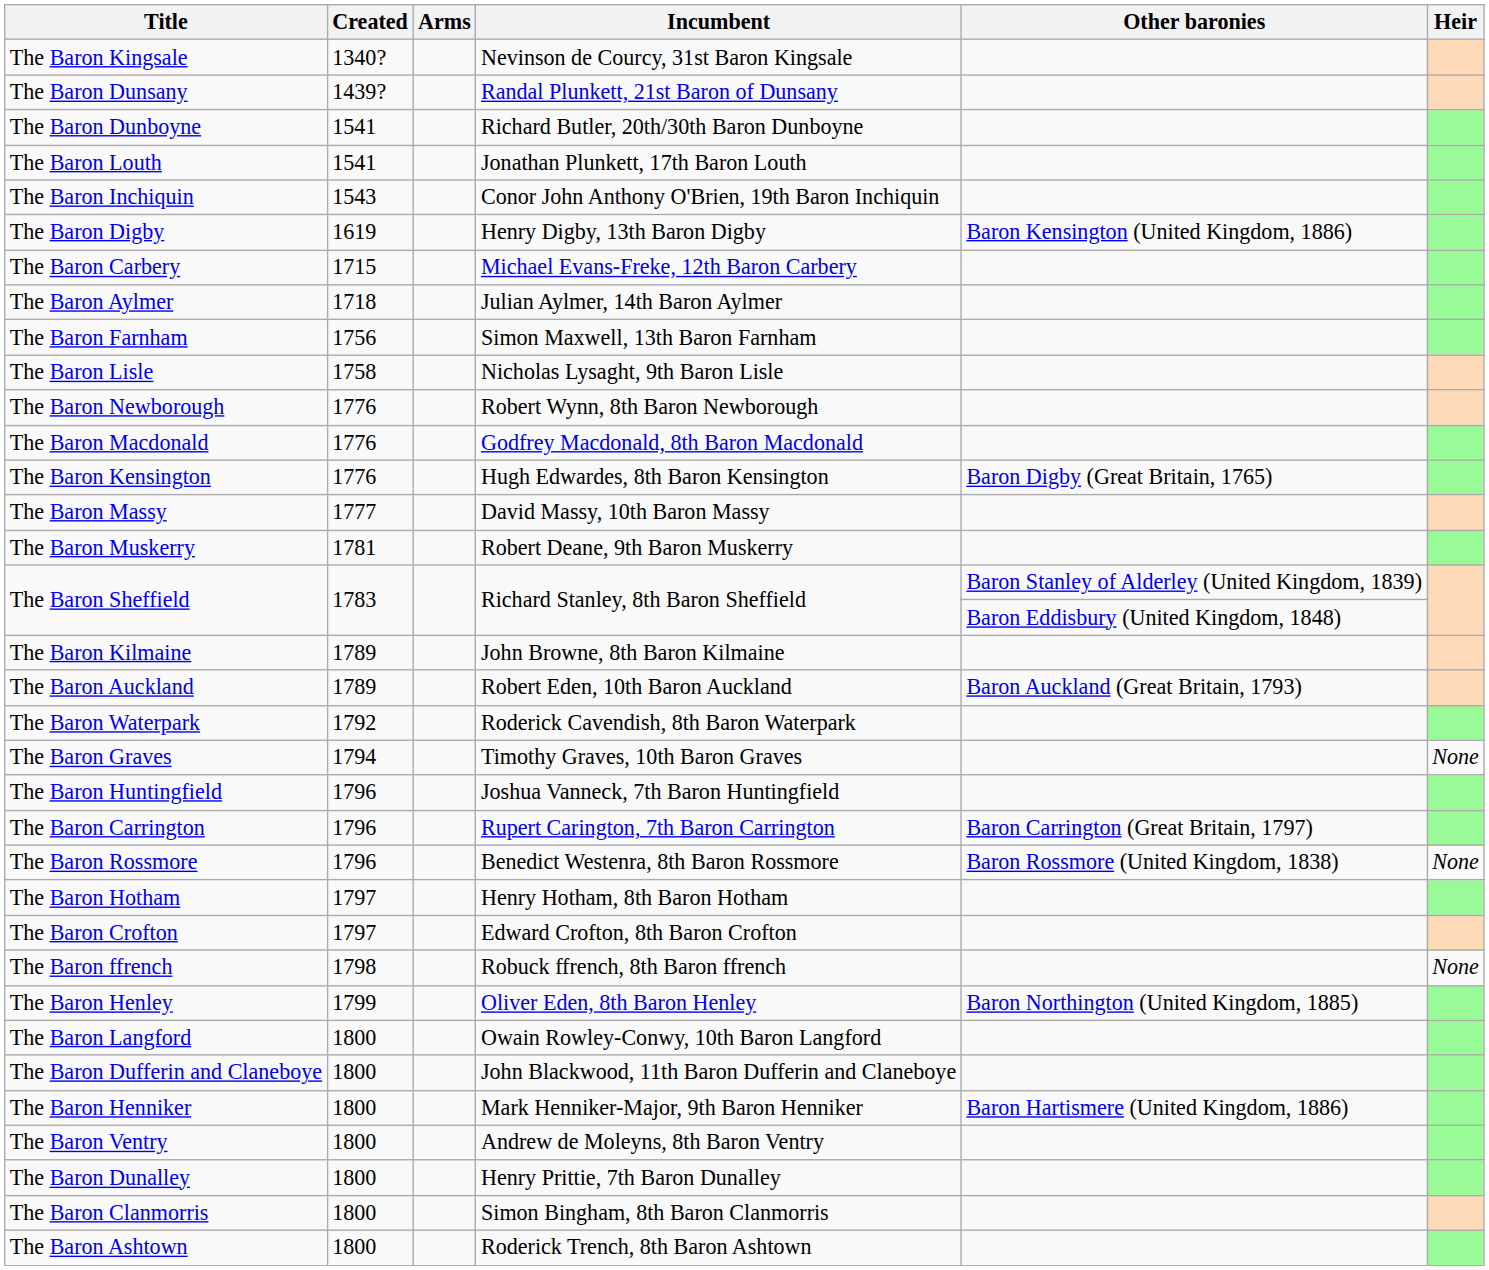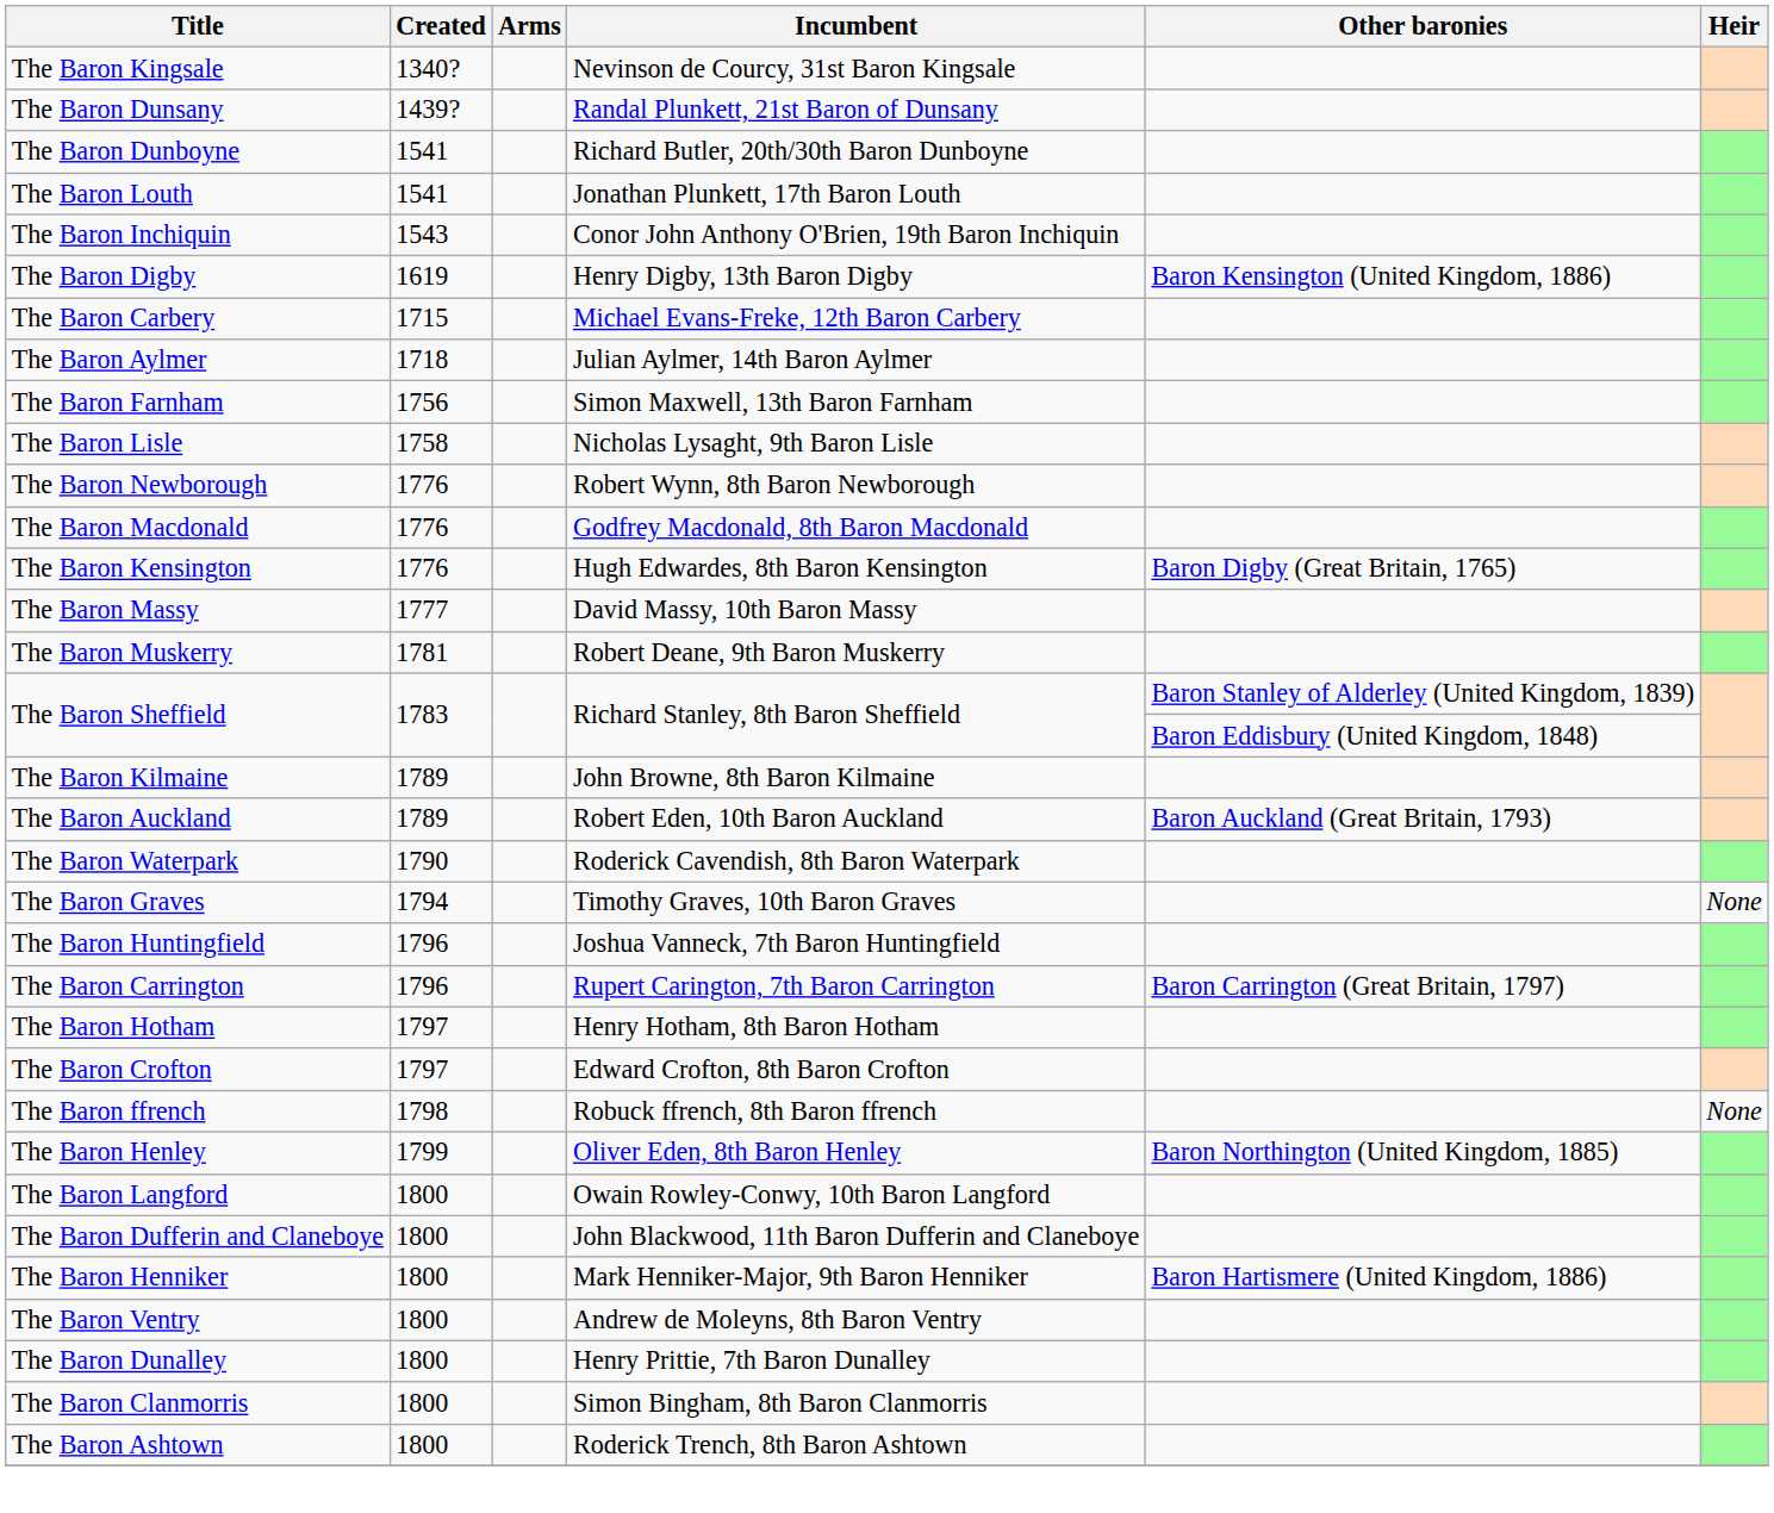 <table class="wikitable sortable sticky-header">
 <tr>
 <th>Title</th>
 <th>Created</th>
 <th>Arms</th>
 <th>Incumbent</th>
 <th>Other baronies</th>
 <th>Heir</th>
 </tr>
 <tr>
 <td>The <a href='#'>Baron Kingsale</a></td>
 <td>1340?</td>
 <td></td>
 <td>Nevinson de Courcy, 31st Baron Kingsale</td>
 <td></td>
 <td style="background:#FFDAB9;"></td>
 </tr>
 <tr>
 <td>The <a href='#'>Baron Dunsany</a></td>
 <td>1439?</td>
 <td></td>
 <td><a href='#'>Randal Plunkett, 21st Baron of Dunsany</a></td>
 <td></td>
 <td style="background:#FFDAB9;"></td>
 </tr>
 <tr>
 <td>The <a href='#'>Baron Dunboyne</a></td>
 <td>1541</td>
 <td></td>
 <td>Richard Butler, 20th/30th Baron Dunboyne</td>
 <td></td>
 <td style="background:#98FB98;"></td>
 </tr>
 <tr>
 <td>The <a href='#'>Baron Louth</a></td>
 <td>1541</td>
 <td></td>
 <td>Jonathan Plunkett, 17th Baron Louth</td>
 <td></td>
 <td style="background:#98FB98;"></td>
 </tr>
 <tr>
 <td>The <a href='#'>Baron Inchiquin</a></td>
 <td>1543</td>
 <td></td>
 <td>Conor John Anthony O'Brien, 19th Baron Inchiquin</td>
 <td></td>
 <td style="background:#98FB98;"></td>
 </tr>
 <tr>
 <td>The <a href='#'>Baron Digby</a></td>
 <td>1619</td>
 <td></td>
 <td>Henry Digby, 13th Baron Digby</td>
 <td><a href='#'>Baron Kensington</a> (United Kingdom, 1886)</td>
 <td style="background:#98FB98;"></td>
 </tr>
 <tr>
 <td>The <a href='#'>Baron Carbery</a></td>
 <td>1715</td>
 <td></td>
 <td><a href='#'>Michael Evans-Freke, 12th Baron Carbery</a></td>
 <td></td>
 <td style="background:#98FB98;"></td>
 </tr>
 <tr>
 <td>The <a href='#'>Baron Aylmer</a></td>
 <td>1718</td>
 <td></td>
 <td>Julian Aylmer, 14th Baron Aylmer</td>
 <td></td>
 <td style="background:#98FB98;"></td>
 </tr>
 <tr>
 <td>The <a href='#'>Baron Farnham</a></td>
 <td>1756</td>
 <td></td>
 <td>Simon Maxwell, 13th Baron Farnham</td>
 <td></td>
 <td style="background:#98FB98;"></td>
 </tr>
 <tr>
 <td>The <a href='#'>Baron Lisle</a></td>
 <td>1758</td>
 <td></td>
 <td>Nicholas Lysaght, 9th Baron Lisle</td>
 <td></td>
 <td style="background:#FFDAB9;"></td>
 </tr>
 <tr>
 <td>The <a href='#'>Baron Newborough</a></td>
 <td>1776</td>
 <td></td>
 <td>Robert Wynn, 8th Baron Newborough</td>
 <td></td>
 <td style="background:#FFDAB9;"></td>
 </tr>
 <tr>
 <td>The <a href='#'>Baron Macdonald</a></td>
 <td>1776</td>
 <td></td>
 <td><a href='#'>Godfrey Macdonald, 8th Baron Macdonald</a></td>
 <td></td>
 <td style="background:#98FB98;"></td>
 </tr>
 <tr>
 <td>The <a href='#'>Baron Kensington</a></td>
 <td>1776</td>
 <td></td>
 <td>Hugh Edwardes, 8th Baron Kensington</td>
 <td><a href='#'>Baron Digby</a> (Great Britain, 1765)</td>
 <td style="background:#98FB98;"></td>
 </tr>
 <tr>
 <td>The <a href='#'>Baron Massy</a></td>
 <td>1777</td>
 <td></td>
 <td>David Massy, 10th Baron Massy</td>
 <td></td>
 <td style="background:#FFDAB9;"></td>
 </tr>
 <tr>
 <td>The <a href='#'>Baron Muskerry</a></td>
 <td>1781</td>
 <td></td>
 <td>Robert Deane, 9th Baron Muskerry</td>
 <td></td>
 <td style="background:#98FB98;"></td>
 </tr>
 <tr>
 <td rowspan=2>The <a href='#'>Baron Sheffield</a></td>
 <td rowspan=2>1783</td>
 <td rowspan=2></td>
 <td rowspan=2>Richard Stanley, 8th Baron Sheffield</td>
 <td><a href='#'>Baron Stanley of Alderley</a> (United Kingdom, 1839)</td>
 <td rowspan=2 style="background:#FFDAB9;"></td>
 </tr>
 <tr>
 <td><a href='#'>Baron Eddisbury</a> (United Kingdom, 1848)</td>
 </tr>
 <tr>
 <td>The <a href='#'>Baron Kilmaine</a></td>
 <td>1789</td>
 <td></td>
 <td>John Browne, 8th Baron Kilmaine</td>
 <td></td>
 <td style="background:#FFDAB9;"></td>
 </tr>
 <tr>
 <td>The <a href='#'>Baron Auckland</a></td>
 <td>1789</td>
 <td></td>
 <td>Robert Eden, 10th Baron Auckland</td>
 <td><a href='#'>Baron Auckland</a> (Great Britain, 1793)</td>
 <td style="background:#FFDAB9;"></td>
 </tr>
 <tr>
 <td>The <a href='#'>Baron Waterpark</a></td>
-<td>1792</td>
+<td>1790</td>
 <td></td>
 <td>Roderick Cavendish, 8th Baron Waterpark</td>
 <td></td>
 <td style="background:#98FB98;"></td>
 </tr>
 <tr>
 <td>The <a href='#'>Baron Graves</a></td>
 <td>1794</td>
 <td></td>
 <td>Timothy Graves, 10th Baron Graves</td>
 <td></td>
 <td align=center><em>None</em></td>
 </tr>
 <tr>
 <td>The <a href='#'>Baron Huntingfield</a></td>
 <td>1796</td>
 <td></td>
 <td>Joshua Vanneck, 7th Baron Huntingfield</td>
 <td></td>
 <td style="background:#98FB98;"></td>
 </tr>
 <tr>
 <td>The <a href='#'>Baron Carrington</a></td>
 <td>1796</td>
 <td></td>
 <td><a href='#'>Rupert Carington, 7th Baron Carrington</a></td>
 <td><a href='#'>Baron Carrington</a> (Great Britain, 1797)</td>
 <td style="background:#98FB98;"></td>
-</tr>
-<tr>
-<td>The <a href='#'>Baron Rossmore</a></td>
-<td>1796</td>
-<td></td>
-<td>Benedict Westenra, 8th Baron Rossmore</td>
-<td><a href='#'>Baron Rossmore</a> (United Kingdom, 1838)</td>
-<td align=center><em>None</em></td>
 </tr>
 <tr>
 <td>The <a href='#'>Baron Hotham</a></td>
 <td>1797</td>
 <td></td>
 <td>Henry Hotham, 8th Baron Hotham</td>
 <td></td>
 <td style="background:#98FB98;"></td>
 </tr>
 <tr>
 <td>The <a href='#'>Baron Crofton</a></td>
 <td>1797</td>
 <td></td>
 <td>Edward Crofton, 8th Baron Crofton</td>
 <td></td>
 <td style="background:#FFDAB9;"></td>
 </tr>
 <tr>
 <td>The <a href='#'>Baron ffrench</a></td>
 <td>1798</td>
 <td></td>
 <td>Robuck ffrench, 8th Baron ffrench</td>
 <td></td>
 <td align=center><em>None</em></td>
 </tr>
 <tr>
 <td>The <a href='#'>Baron Henley</a></td>
 <td>1799</td>
 <td></td>
 <td><a href='#'>Oliver Eden, 8th Baron Henley</a></td>
 <td><a href='#'>Baron Northington</a> (United Kingdom, 1885)</td>
 <td style="background:#98FB98;"></td>
 </tr>
 <tr>
 <td>The <a href='#'>Baron Langford</a></td>
 <td>1800</td>
 <td></td>
 <td>Owain Rowley-Conwy, 10th Baron Langford</td>
 <td></td>
 <td style="background:#98FB98;"></td>
 </tr>
 <tr>
 <td>The <a href='#'>Baron Dufferin and Claneboye</a></td>
 <td>1800</td>
 <td></td>
 <td>John Blackwood, 11th Baron Dufferin and Claneboye</td>
 <td></td>
 <td style="background:#98FB98;"></td>
 </tr>
 <tr>
 <td>The <a href='#'>Baron Henniker</a></td>
 <td>1800</td>
 <td></td>
 <td>Mark Henniker-Major, 9th Baron Henniker</td>
 <td><a href='#'>Baron Hartismere</a> (United Kingdom, 1886)</td>
 <td style="background:#98FB98;"></td>
 </tr>
 <tr>
 <td>The <a href='#'>Baron Ventry</a></td>
 <td>1800</td>
 <td></td>
 <td>Andrew de Moleyns, 8th Baron Ventry</td>
 <td></td>
 <td style="background:#98FB98;"></td>
 </tr>
 <tr>
 <td>The <a href='#'>Baron Dunalley</a></td>
 <td>1800</td>
 <td></td>
 <td>Henry Prittie, 7th Baron Dunalley</td>
 <td></td>
 <td style="background:#98FB98;"></td>
 </tr>
 <tr>
 <td>The <a href='#'>Baron Clanmorris</a></td>
 <td>1800</td>
 <td></td>
 <td>Simon Bingham, 8th Baron Clanmorris</td>
 <td></td>
 <td style="background:#FFDAB9;"></td>
 </tr>
 <tr>
 <td>The <a href='#'>Baron Ashtown</a></td>
 <td>1800</td>
 <td></td>
 <td>Roderick Trench, 8th Baron Ashtown</td>
 <td></td>
 <td style="background:#98FB98;"></td>
 </tr>
 <tr>
 </tr>
 </table>
